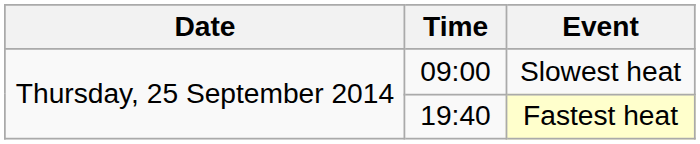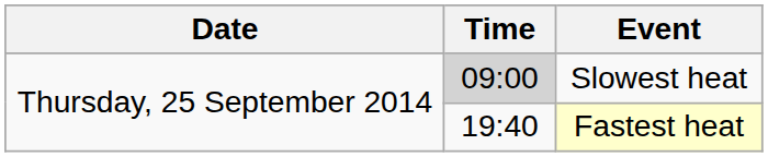 <table class = "wikitable" style="text-align:center;">
 <tr>
 <th width=220>Date</th>
 <th width=50>Time</th>
 <th width=100>Event</th>
 </tr>
 <tr>
 <td rowspan=2>Thursday, 25 September 2014</td>
-<td>09:00</td>
+<td style="background: lightgrey;">09:00</td>
 <td>Slowest heat</td>
 </tr>
 <tr>
 <td>19:40</td>
 <td bgcolor=ffffcc>Fastest heat</td>
 </tr>
 </table>
